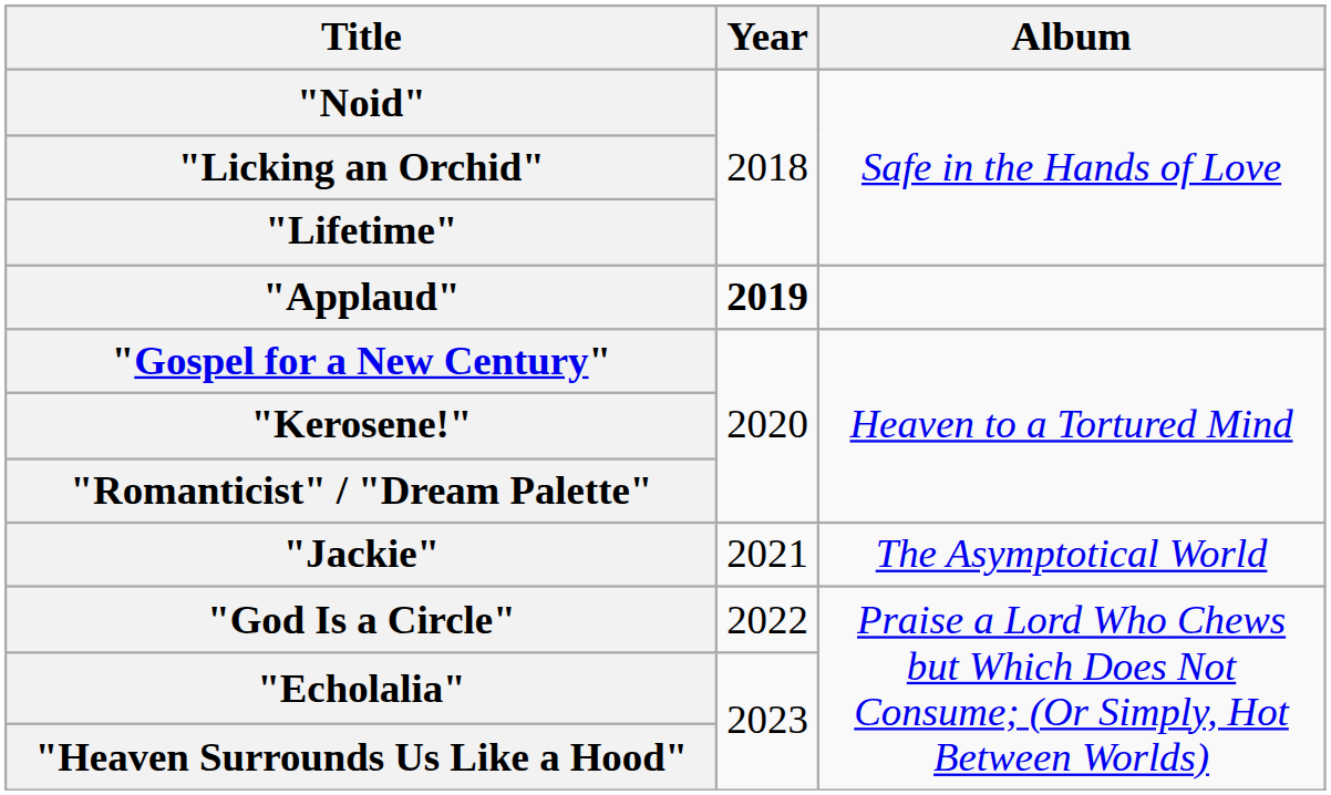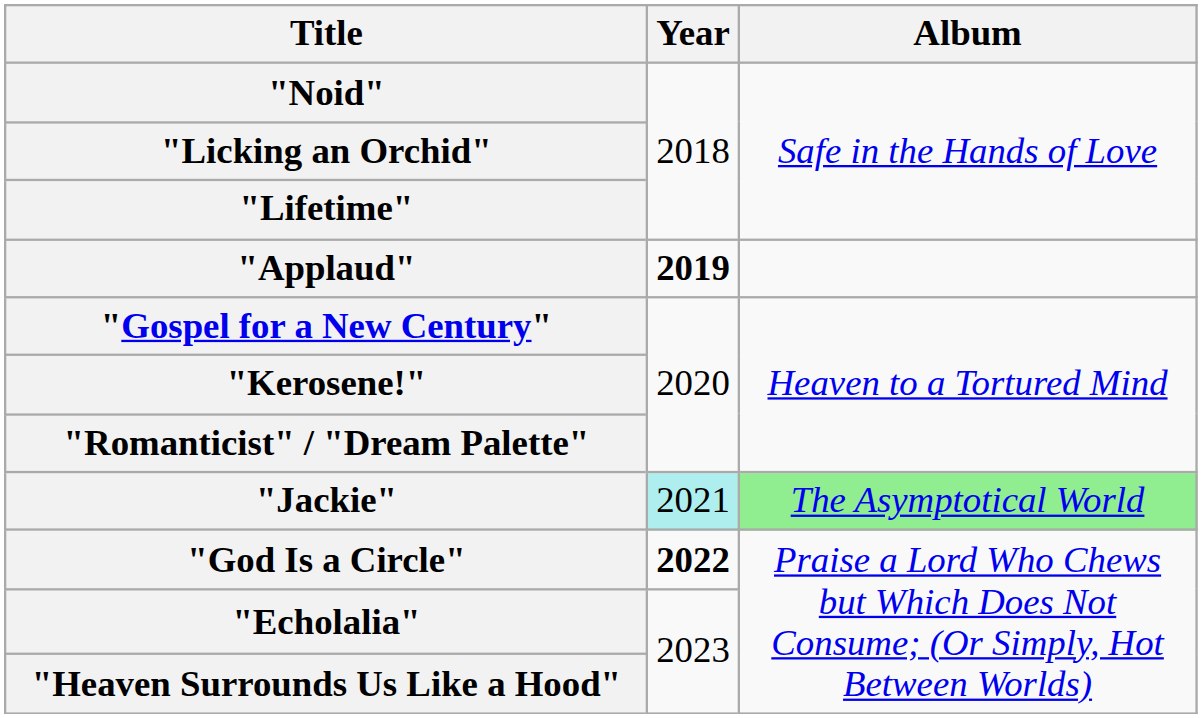 <table class="wikitable plainrowheaders" style="text-align:center">
 <tr>
 <th scope="col" style="width:17em;">Title</th>
 <th scope="col" style="width:1em;">Year</th>
 <th scope="col" style="width:12em;">Album</th>
 </tr>
 <tr>
 <th scope="row">"Noid"</th>
 <td rowspan="3">2018</td>
 <td rowspan="3"><em><a href='#'>Safe in the Hands of Love</a></em></td>
 </tr>
 <tr>
 <th scope="row">"Licking an Orchid"<br></th>
 </tr>
 <tr>
 <th scope="row">"Lifetime"</th>
 </tr>
 <tr>
 <th scope="row">"Applaud"<br></th>
 <td><strong>2019</strong></td>
 <td></td>
 </tr>
 <tr>
 <th scope="row">"<a href='#'>Gospel for a New Century</a>"</th>
 <td rowspan="3">2020</td>
 <td rowspan="3"><em><a href='#'>Heaven to a Tortured Mind</a></em></td>
 </tr>
 <tr>
 <th scope="row">"Kerosene!"</th>
 </tr>
 <tr>
 <th scope="row">"Romanticist" / "Dream Palette"</th>
 </tr>
 <tr>
 <th scope="row">"Jackie"</th>
-<td>2021</td>
-<td><em><a href='#'>The Asymptotical World</a></em></td>
+<td style="background: paleturquoise;">2021</td>
+<td style="background: lightgreen;"><em><a href='#'>The Asymptotical World</a></em></td>
 </tr>
 <tr>
 <th scope="row">"God Is a Circle"</th>
-<td>2022</td>
+<td><strong>2022</strong></td>
 <td rowspan="3"><em><a href='#'>Praise a Lord Who Chews but Which Does Not Consume; (Or Simply, Hot Between Worlds)</a></em></td>
 </tr>
 <tr>
 <th scope="row">"Echolalia"</th>
 <td rowspan="2">2023</td>
 </tr>
 <tr>
 <th scope="row">"Heaven Surrounds Us Like a Hood"</th>
 </tr>
 </table>
